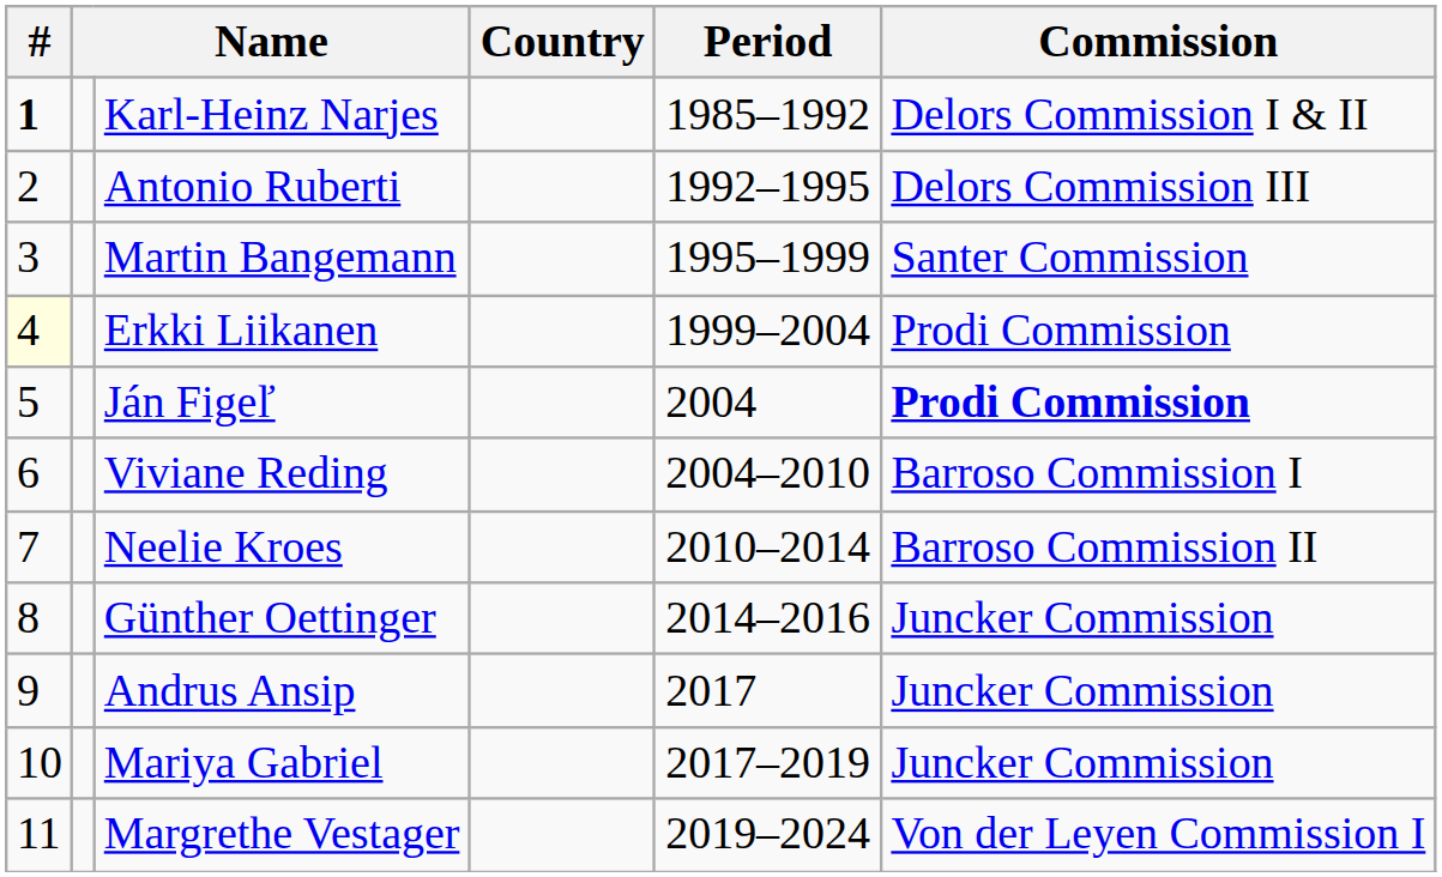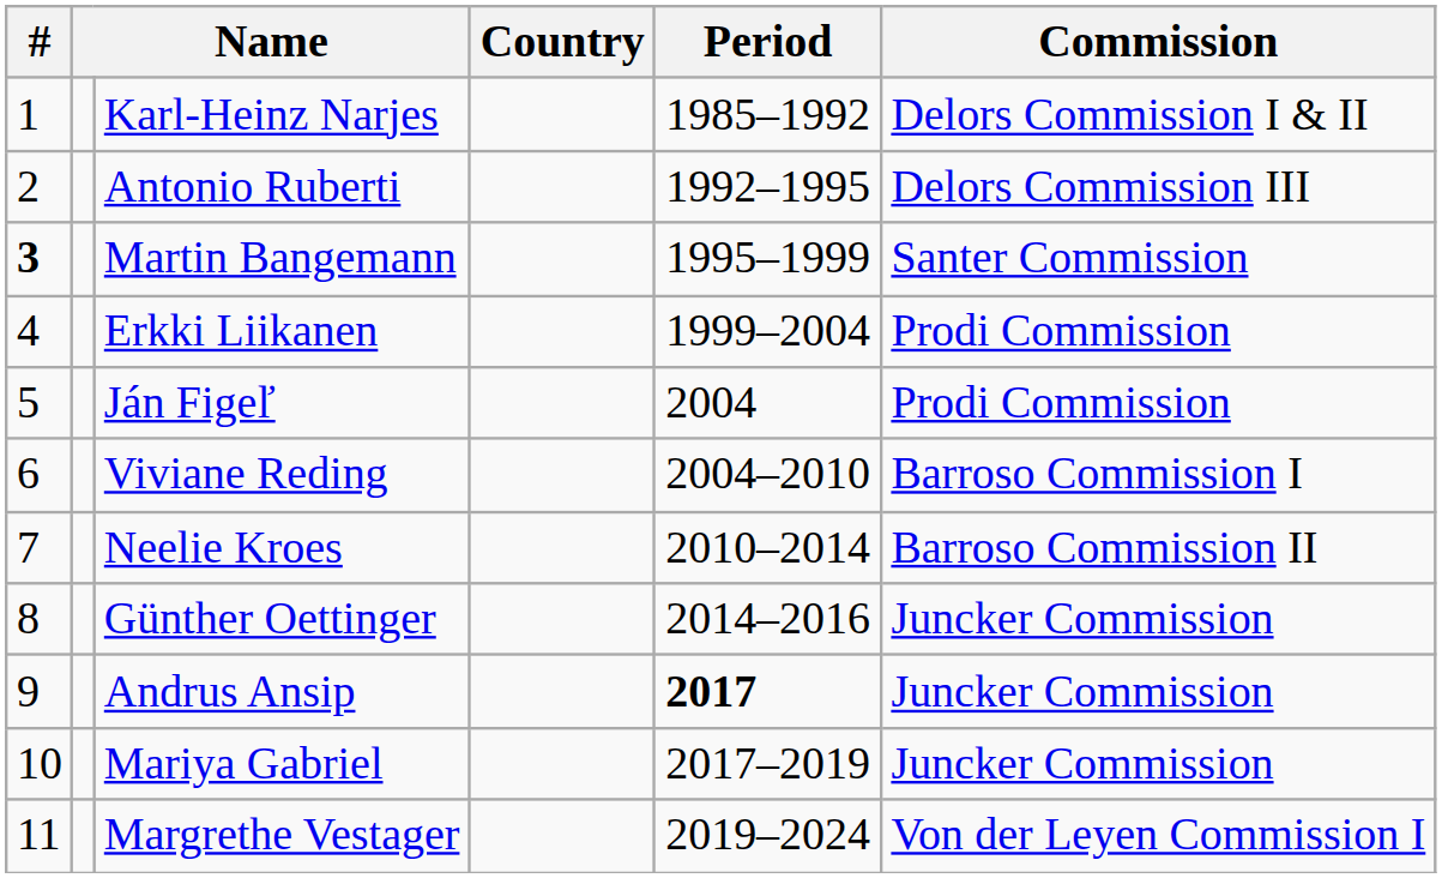 <table class="wikitable">
 <tr>
 <th>#</th>
 <th colspan=2>Name</th>
 <th>Country</th>
 <th>Period</th>
 <th>Commission</th>
 </tr>
 <tr>
-<td><strong>1</strong></td>
+<td>1</td>
 <td></td>
 <td><a href='#'>Karl-Heinz Narjes</a></td>
 <td></td>
 <td>1985–1992</td>
 <td><a href='#'>Delors Commission</a> I & II</td>
 </tr>
 <tr>
 <td>2</td>
 <td></td>
 <td><a href='#'>Antonio Ruberti</a></td>
 <td></td>
 <td>1992–1995</td>
 <td><a href='#'>Delors Commission</a> III</td>
 </tr>
 <tr>
-<td>3</td>
+<td><strong>3</strong></td>
 <td></td>
 <td><a href='#'>Martin Bangemann</a></td>
 <td></td>
 <td>1995–1999</td>
 <td><a href='#'>Santer Commission</a></td>
 </tr>
 <tr>
-<td style="background: lightyellow;">4</td>
+<td>4</td>
 <td></td>
 <td><a href='#'>Erkki Liikanen</a></td>
 <td></td>
 <td>1999–2004</td>
 <td><a href='#'>Prodi Commission</a></td>
 </tr>
 <tr>
 <td>5</td>
 <td></td>
 <td><a href='#'>Ján Figeľ</a></td>
 <td></td>
 <td>2004</td>
-<td><strong><a href='#'>Prodi Commission</a></strong></td>
+<td><a href='#'>Prodi Commission</a></td>
 </tr>
 <tr>
 <td>6</td>
 <td></td>
 <td><a href='#'>Viviane Reding</a></td>
 <td></td>
 <td>2004–2010</td>
 <td><a href='#'>Barroso Commission</a> I</td>
 </tr>
 <tr>
 <td>7</td>
 <td></td>
 <td><a href='#'>Neelie Kroes</a></td>
 <td></td>
 <td>2010–2014</td>
 <td><a href='#'>Barroso Commission</a> II</td>
 </tr>
 <tr>
 <td>8</td>
 <td></td>
 <td><a href='#'>Günther Oettinger</a></td>
 <td></td>
 <td>2014–2016</td>
 <td><a href='#'>Juncker Commission</a></td>
 </tr>
 <tr>
 <td>9</td>
 <td></td>
 <td><a href='#'>Andrus Ansip</a></td>
 <td></td>
-<td>2017</td>
+<td><strong>2017</strong></td>
 <td><a href='#'>Juncker Commission</a></td>
 </tr>
 <tr>
 <td>10</td>
 <td></td>
 <td><a href='#'>Mariya Gabriel</a></td>
 <td></td>
 <td>2017–2019</td>
 <td><a href='#'>Juncker Commission</a></td>
 </tr>
 <tr>
 <td>11</td>
 <td></td>
 <td><a href='#'>Margrethe Vestager</a></td>
 <td></td>
 <td>2019–2024</td>
 <td><a href='#'>Von der Leyen Commission I</a></td>
 </tr>
 <tr>
 </tr>
 </table>
